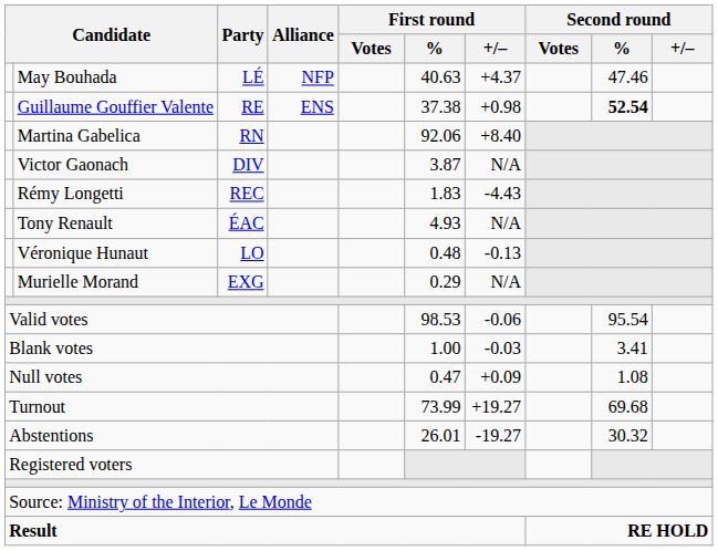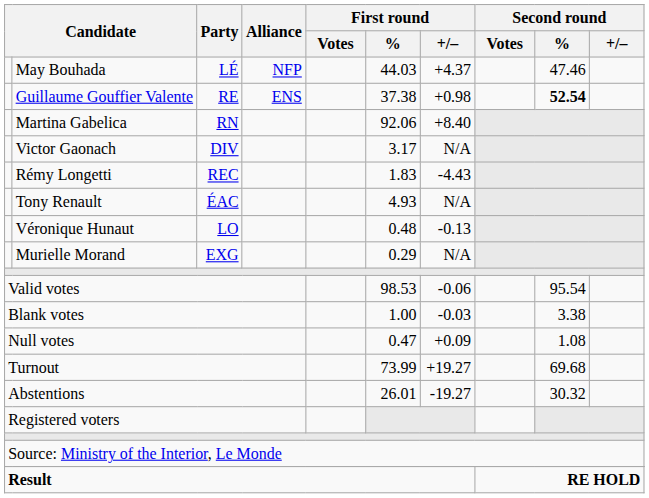 <table class="wikitable" style="text-align:right;font-size:95%;">
 <tr>
 <th rowspan="2" colspan="2">Candidate</th>
 <th rowspan="2">Party</th>
 <th rowspan="2">Alliance</th>
 <th colspan="3">First round</th>
 <th colspan="3">Second round</th>
 </tr>
 <tr>
 <th style="width:50px;">Votes</th>
 <th style="width:45px;">%</th>
 <th style="width:45px;">+/–</th>
 <th style="width:50px;">Votes</th>
 <th style="width:45px;">%</th>
 <th style="width:45px;">+/–</th>
 </tr>
 <tr>
 <td style="color:inherit;background:"></td>
 <td style="text-align:left;">May Bouhada</td>
 <td><a href='#'>LÉ</a></td>
 <td><a href='#'>NFP</a></td>
 <td></td>
-<td>40.63</td>
+<td>44.03</td>
 <td>+4.37</td>
 <td></td>
 <td>47.46</td>
 <td></td>
 </tr>
 <tr>
 <td style="color:inherit;background:"></td>
 <td style="text-align:left;"><a href='#'>Guillaume Gouffier Valente</a></td>
 <td><a href='#'>RE</a></td>
 <td><a href='#'>ENS</a></td>
 <td></td>
 <td>37.38</td>
 <td>+0.98</td>
 <td><strong></strong></td>
 <td><strong>52.54</strong></td>
 <td></td>
 </tr>
 <tr>
 <td style="color:inherit;background:"></td>
 <td style="text-align:left;">Martina Gabelica</td>
 <td><a href='#'>RN</a></td>
 <td></td>
 <td></td>
 <td>92.06</td>
 <td>+8.40</td>
 <td colspan="3" style="background:#E9E9E9;"></td>
 </tr>
 <tr>
 <td style="color:inherit;background:"></td>
 <td style="text-align:left;">Victor Gaonach</td>
 <td><a href='#'>DIV</a></td>
 <td></td>
 <td></td>
-<td>3.87</td>
+<td>3.17</td>
 <td>N/A</td>
 <td colspan="3" style="background:#E9E9E9;"></td>
 </tr>
 <tr>
 <td style="color:inherit;background:"></td>
 <td style="text-align:left;">Rémy Longetti</td>
 <td><a href='#'>REC</a></td>
 <td></td>
 <td></td>
 <td>1.83</td>
 <td>-4.43</td>
 <td colspan="3" style="background:#E9E9E9;"></td>
 </tr>
 <tr>
 <td style="color:inherit;background:"></td>
 <td style="text-align:left;">Tony Renault</td>
 <td><a href='#'>ÉAC</a></td>
 <td></td>
 <td></td>
 <td>4.93</td>
 <td>N/A</td>
 <td colspan="3" style="background:#E9E9E9;"></td>
 </tr>
 <tr>
 <td style="color:inherit;background:"></td>
 <td style="text-align:left;">Véronique Hunaut</td>
 <td><a href='#'>LO</a></td>
 <td></td>
 <td></td>
 <td>0.48</td>
 <td>-0.13</td>
 <td colspan="3" style="background:#E9E9E9;"></td>
 </tr>
 <tr>
 <td style="color:inherit;background:"></td>
 <td style="text-align:left;">Murielle Morand</td>
 <td><a href='#'>EXG</a></td>
 <td></td>
 <td></td>
 <td>0.29</td>
 <td>N/A</td>
 <td colspan="3" style="background:#E9E9E9;"></td>
 </tr>
 <tr>
 <td colspan="10" style="background:#E9E9E9;"></td>
 </tr>
 <tr>
 <td colspan="4" style="text-align:left;">Valid votes</td>
 <td></td>
 <td>98.53</td>
 <td>-0.06</td>
 <td></td>
 <td>95.54</td>
 <td></td>
 </tr>
 <tr>
 <td colspan="4" style="text-align:left;">Blank votes</td>
 <td></td>
 <td>1.00</td>
 <td>-0.03</td>
 <td></td>
-<td>3.41</td>
+<td>3.38</td>
 <td></td>
 </tr>
 <tr>
 <td colspan="4" style="text-align:left;">Null votes</td>
 <td></td>
 <td>0.47</td>
 <td>+0.09</td>
 <td></td>
 <td>1.08</td>
 <td></td>
 </tr>
 <tr>
 <td colspan="4" style="text-align:left;">Turnout</td>
 <td></td>
 <td>73.99</td>
 <td>+19.27</td>
 <td></td>
 <td>69.68</td>
 <td></td>
 </tr>
 <tr>
 <td colspan="4" style="text-align:left;">Abstentions</td>
 <td></td>
 <td>26.01</td>
 <td>-19.27</td>
 <td></td>
 <td>30.32</td>
 <td></td>
 </tr>
 <tr>
 <td colspan="4" style="text-align:left;">Registered voters</td>
 <td></td>
 <td colspan="2" style="background:#E9E9E9;"></td>
 <td></td>
 <td colspan="2" style="background:#E9E9E9;"></td>
 </tr>
 <tr>
 <td colspan="10" style="background:#E9E9E9;"></td>
 </tr>
 <tr>
 <td colspan="10" style="text-align:left;">Source: <a href='#'>Ministry of the Interior</a>, <a href='#'>Le Monde</a></td>
 </tr>
 <tr>
 </tr>
 <tr style="font-weight:bold">
 <td colspan="7" style="text-align:left;">Result</td>
 <td colspan="7" style="background-color:">RE HOLD</td>
 </tr>
 </table>
